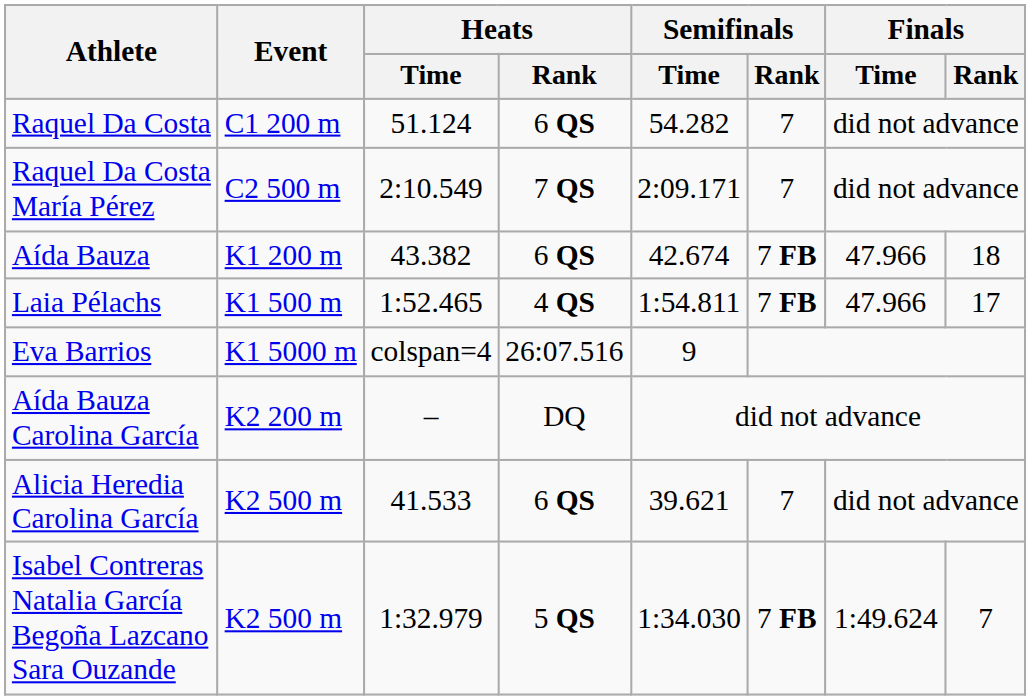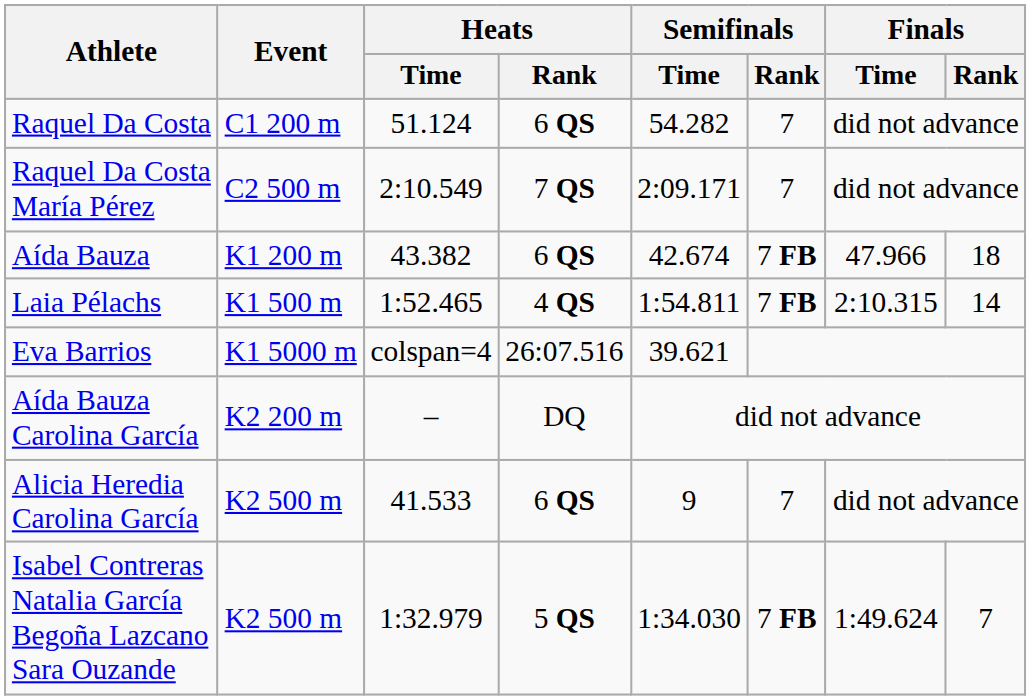 <table class="wikitable" style="font-size:90%">
 <tr>
 <th rowspan="2">Athlete</th>
 <th rowspan="2">Event</th>
 <th colspan=2>Heats</th>
 <th colspan=2>Semifinals</th>
 <th colspan=2>Finals</th>
 </tr>
 <tr style="font-size:95%">
 <th>Time</th>
 <th>Rank</th>
 <th>Time</th>
 <th>Rank</th>
 <th>Time</th>
 <th>Rank</th>
 </tr>
 <tr align=center>
 <td align=left><a href='#'>Raquel Da Costa</a></td>
 <td align=left><a href='#'>C1 200 m</a></td>
 <td>51.124</td>
 <td>6 <strong>QS</strong></td>
 <td>54.282</td>
 <td>7</td>
 <td colspan=2>did not advance</td>
 </tr>
 <tr align=center>
 <td align=left><a href='#'>Raquel Da Costa</a><br><a href='#'>María Pérez</a></td>
 <td align=left><a href='#'>C2 500 m</a></td>
 <td>2:10.549</td>
 <td>7 <strong>QS</strong></td>
 <td>2:09.171</td>
 <td>7</td>
 <td colspan=2>did not advance</td>
 </tr>
 <tr align=center>
 <td align=left><a href='#'>Aída Bauza</a></td>
 <td align=left><a href='#'>K1 200 m</a></td>
 <td>43.382</td>
 <td>6 <strong>QS</strong></td>
 <td>42.674</td>
 <td>7 <strong>FB</strong></td>
 <td>47.966</td>
 <td>18</td>
 </tr>
 <tr align=center>
 <td align=left><a href='#'>Laia Pélachs</a></td>
 <td align=left><a href='#'>K1 500 m</a></td>
 <td>1:52.465</td>
 <td>4 <strong>QS</strong></td>
 <td>1:54.811</td>
 <td>7 <strong>FB</strong></td>
-<td>47.966</td>
-<td>17</td>
+<td>2:10.315</td>
+<td>14</td>
 </tr>
 <tr align=center>
 <td align=left><a href='#'>Eva Barrios</a></td>
 <td align=left><a href='#'>K1 5000 m</a></td>
 <td>colspan=4 </td>
 <td>26:07.516</td>
-<td>9</td>
+<td>39.621</td>
 </tr>
 <tr align=center>
 <td align=left><a href='#'>Aída Bauza</a><br><a href='#'>Carolina García</a></td>
 <td align=left><a href='#'>K2 200 m</a></td>
 <td>–</td>
 <td>DQ</td>
 <td colspan=4>did not advance</td>
 </tr>
 <tr align=center>
 <td align=left><a href='#'>Alicia Heredia</a><br><a href='#'>Carolina García</a></td>
 <td align=left><a href='#'>K2 500 m</a></td>
 <td>41.533</td>
 <td>6 <strong>QS</strong></td>
-<td>39.621</td>
+<td>9</td>
 <td>7</td>
 <td colspan=2>did not advance</td>
 </tr>
 <tr align=center>
 <td align=left><a href='#'>Isabel Contreras</a><br><a href='#'>Natalia García</a><br><a href='#'>Begoña Lazcano</a><br><a href='#'>Sara Ouzande</a></td>
 <td align=left><a href='#'>K2 500 m</a></td>
 <td>1:32.979</td>
 <td>5 <strong>QS</strong></td>
 <td>1:34.030</td>
 <td>7 <strong>FB</strong></td>
 <td>1:49.624</td>
 <td>7</td>
 </tr>
 </table>
